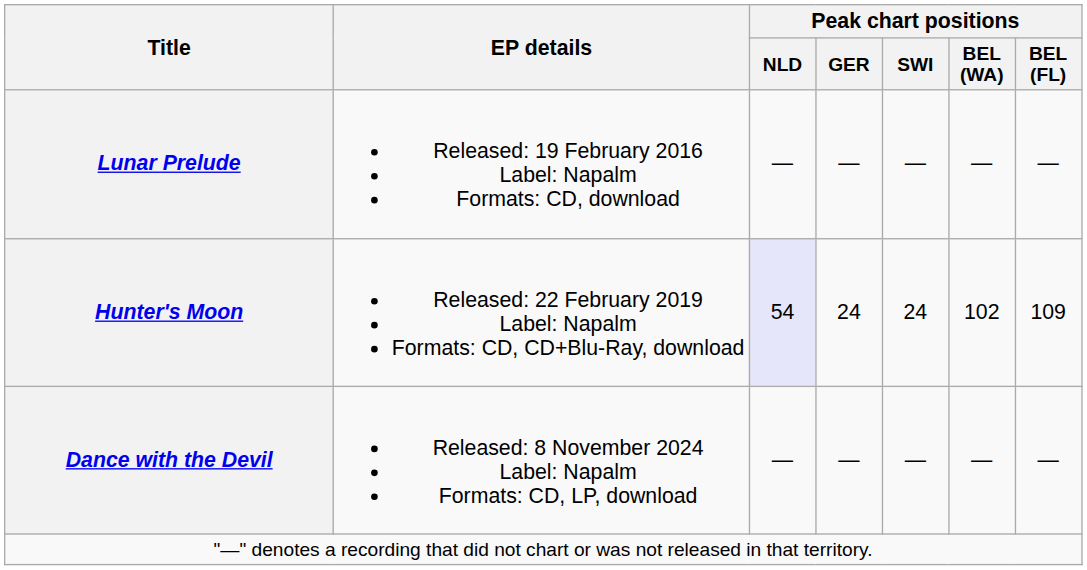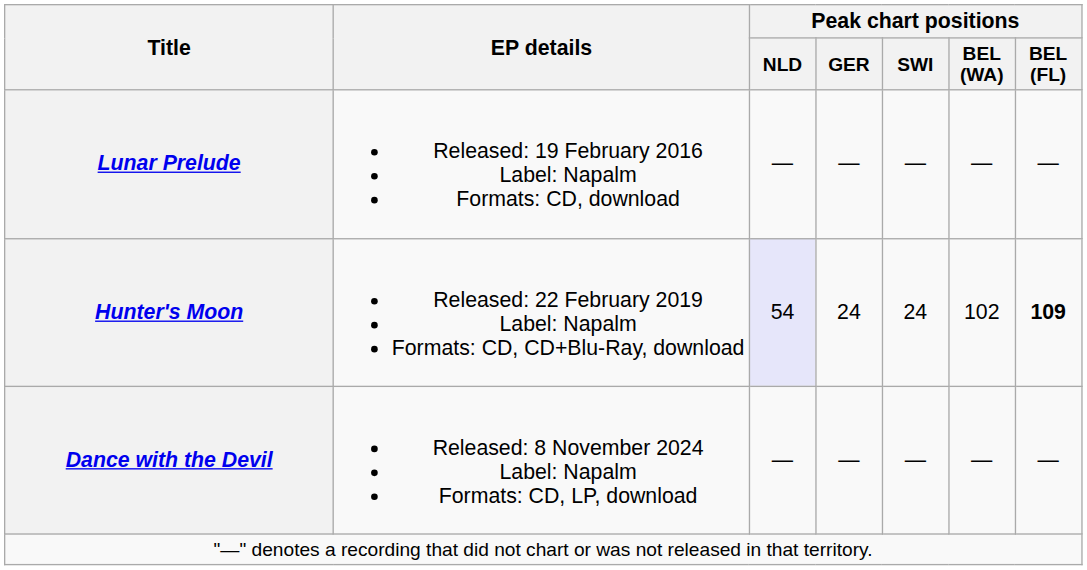 <table class="wikitable plainrowheaders" style="text-align:center;">
 <tr>
 <th scope="col" rowspan="2" style="width:15em;">Title</th>
 <th scope="col" rowspan="2">EP details</th>
 <th scope="col" colspan="5">Peak chart positions</th>
 </tr>
 <tr>
 <th scope="col" style="width:3em;font-size:90%;">NLD<br></th>
 <th scope="col" style="width:3em;font-size:90%;">GER<br></th>
 <th scope="col" style="width:3em;font-size:90%;">SWI<br></th>
 <th scope="col" style="width:3em;font-size:90%;">BEL (WA)<br></th>
 <th scope="col" style="width:3em;font-size:90%;">BEL (FL)<br></th>
 </tr>
 <tr>
 <th scope="row"><em><a href='#'>Lunar Prelude</a></em></th>
 <td><br><ul><li>Released: 19 February 2016</li><li>Label: Napalm</li><li>Formats: CD, download</li></ul></td>
 <td>—</td>
 <td>—</td>
 <td>—</td>
 <td>—</td>
 <td>—</td>
 </tr>
 <tr>
 <th scope="row"><em><a href='#'>Hunter's Moon</a></em></th>
 <td><br><ul><li>Released: 22 February 2019</li><li>Label: Napalm</li><li>Formats: CD, CD+Blu-Ray, download</li></ul></td>
 <td style="background: lavender;">54</td>
 <td>24</td>
 <td>24</td>
 <td>102</td>
-<td>109</td>
+<td><strong>109</strong></td>
 </tr>
 <tr>
 <th scope="row"><em><a href='#'>Dance with the Devil</a></em></th>
 <td><br><ul><li>Released: 8 November 2024</li><li>Label: Napalm</li><li>Formats: CD, LP, download</li></ul></td>
 <td>—</td>
 <td>—</td>
 <td>—</td>
 <td>—</td>
 <td>—</td>
 </tr>
 <tr>
 <td colspan="11" style="font-size:90%">"—" denotes a recording that did not chart or was not released in that territory.</td>
 </tr>
 </table>
